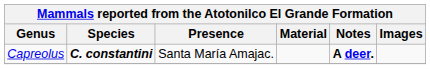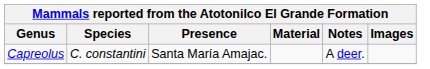 <table class="wikitable" align="center">
 <tr>
 <th colspan="6" align="center"><strong><a href='#'>Mammals</a> reported from the Atotonilco El Grande Formation</strong></th>
 </tr>
 <tr>
 <th>Genus</th>
 <th>Species</th>
 <th>Presence</th>
 <th><strong>Material</strong></th>
 <th>Notes</th>
 <th>Images</th>
 </tr>
 <tr>
 <td><em><a href='#'>Capreolus</a></em></td>
-<td><strong><em>C. constantini</em></strong></td>
+<td><em>C. constantini</em></td>
 <td>Santa María Amajac.</td>
 <td></td>
-<td><strong>A <a href='#'>deer</a>.</strong></td>
+<td>A <a href='#'>deer</a>.</td>
 <td></td>
 </tr>
 <tr>
 </tr>
 </table>
